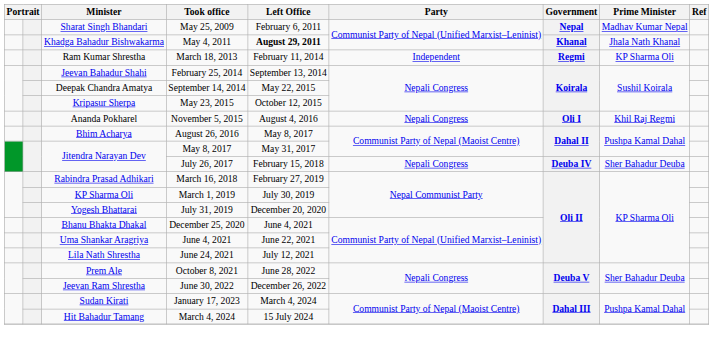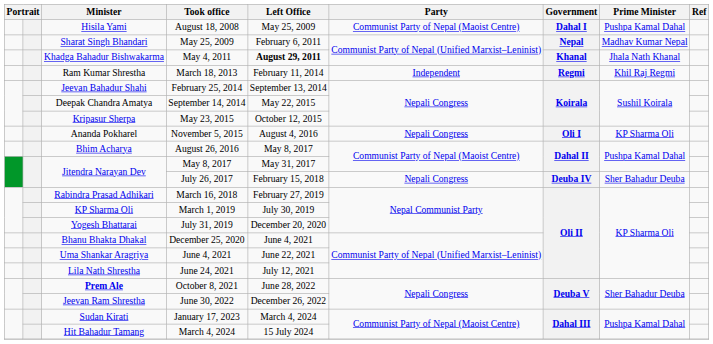 <table class="wikitable"  style="text-align:center">
 <tr>
 <th colspan="2">Portrait</th>
 <th>Minister<br></th>
 <th>Took office</th>
 <th>Left Office</th>
 <th>Party</th>
 <th>Government</th>
 <th>Prime Minister</th>
 <th>Ref</th>
+</tr>
+<tr>
+<td></td>
+<th></th>
+<td><a href='#'>Hisila Yami</a><br></td>
+<td>August 18, 2008</td>
+<td>May 25, 2009</td>
+<td><a href='#'>Communist Party of Nepal (Maoist Centre)</a></td>
+<th><a href='#'>Dahal I</a></th>
+<td><a href='#'>Pushpa Kamal Dahal</a></td>
+<td></td>
 </tr>
 <tr>
 <td></td>
 <th></th>
 <td><a href='#'>Sharat Singh Bhandari</a><br></td>
 <td>May 25, 2009</td>
 <td>February 6, 2011</td>
 <td rowspan="2"><a href='#'>Communist Party of Nepal (Unified Marxist–Leninist)</a></td>
 <th><a href='#'>Nepal</a></th>
 <td><a href='#'>Madhav Kumar Nepal</a></td>
 <td></td>
 </tr>
 <tr>
 <td></td>
 <th></th>
 <td><a href='#'>Khadga Bahadur Bishwakarma</a><br></td>
 <td>May 4, 2011</td>
 <td><strong>August 29, 2011</strong></td>
 <th><a href='#'>Khanal</a></th>
 <td><a href='#'>Jhala Nath Khanal</a></td>
 <td></td>
 </tr>
 <tr>
 <td></td>
 <th></th>
 <td>Ram Kumar Shrestha</td>
 <td>March 18, 2013</td>
 <td>February 11, 2014</td>
 <td><a href='#'>Independent</a></td>
 <th><a href='#'>Regmi</a></th>
-<td><a href='#'>KP Sharma Oli</a></td>
+<td><a href='#'>Khil Raj Regmi</a></td>
 <td></td>
 </tr>
 <tr>
 <td rowspan="3"></td>
 <th></th>
 <td><a href='#'>Jeevan Bahadur Shahi</a><br></td>
 <td>February 25, 2014</td>
 <td>September 13, 2014</td>
 <td rowspan="3"><a href='#'>Nepali Congress</a></td>
 <th rowspan="3"><a href='#'>Koirala</a></th>
 <td rowspan="3"><a href='#'>Sushil Koirala</a></td>
 <td></td>
 </tr>
 <tr>
 <th></th>
 <td>Deepak Chandra Amatya</td>
 <td>September 14, 2014</td>
 <td>May 22, 2015</td>
 <td></td>
 </tr>
 <tr>
 <th></th>
 <td><a href='#'>Kripasur Sherpa</a></td>
 <td>May 23, 2015</td>
 <td>October 12, 2015</td>
 <td></td>
 </tr>
 <tr>
 <td></td>
 <th></th>
 <td>Ananda Pokharel</td>
 <td>November 5, 2015</td>
 <td>August 4, 2016</td>
 <td><a href='#'>Nepali Congress</a></td>
 <th><a href='#'>Oli I</a></th>
-<td><a href='#'>Khil Raj Regmi</a></td>
+<td><a href='#'>KP Sharma Oli</a></td>
 <td></td>
 </tr>
 <tr>
 <td></td>
 <th></th>
 <td><a href='#'>Bhim Acharya</a><br></td>
 <td>August 26, 2016</td>
 <td>May 8, 2017</td>
 <td rowspan="2"><a href='#'>Communist Party of Nepal (Maoist Centre)</a></td>
 <th rowspan="2"><a href='#'>Dahal II</a></th>
 <td rowspan="2"><a href='#'>Pushpa Kamal Dahal</a></td>
 <td></td>
 </tr>
 <tr>
 <td rowspan="2" bgcolor="#019729"></td>
 <th rowspan="2"></th>
 <td rowspan="2"><a href='#'>Jitendra Narayan Dev</a></td>
 <td>May 8, 2017</td>
 <td>May 31, 2017</td>
 <td></td>
 </tr>
 <tr>
 <td>July 26, 2017</td>
 <td>February 15, 2018</td>
 <td><a href='#'>Nepali Congress</a></td>
 <th><a href='#'>Deuba IV</a></th>
 <td><a href='#'>Sher Bahadur Deuba</a></td>
 <td></td>
 </tr>
 <tr>
 <td rowspan="3"></td>
 <th></th>
 <td><a href='#'>Rabindra Prasad Adhikari</a><br></td>
 <td>March 16, 2018</td>
 <td>February 27, 2019</td>
 <td rowspan="3"><a href='#'>Nepal Communist Party</a></td>
 <th rowspan="6"><a href='#'>Oli II</a></th>
 <td rowspan="6"><a href='#'>KP Sharma Oli</a></td>
 <td></td>
 </tr>
 <tr>
 <th></th>
 <td><a href='#'>KP Sharma Oli</a><br></td>
 <td>March 1, 2019</td>
 <td>July 30, 2019</td>
 <td></td>
 </tr>
 <tr>
 <th></th>
 <td><a href='#'>Yogesh Bhattarai</a><br></td>
 <td>July 31, 2019</td>
 <td>December 20, 2020</td>
 <td></td>
 </tr>
 <tr>
 <td></td>
 <th></th>
 <td><a href='#'>Bhanu Bhakta Dhakal</a><br></td>
 <td>December 25, 2020</td>
 <td>June 4, 2021</td>
 <td rowspan="3"><a href='#'>Communist Party of Nepal (Unified Marxist–Leninist)</a></td>
 <td></td>
 </tr>
 <tr>
 <td></td>
 <th></th>
 <td><a href='#'>Uma Shankar Aragriya</a><br></td>
 <td>June 4, 2021</td>
 <td>June 22, 2021</td>
 <td></td>
 </tr>
 <tr>
 <td></td>
 <th></th>
 <td><a href='#'>Lila Nath Shrestha</a><br></td>
 <td>June 24, 2021</td>
 <td>July 12, 2021</td>
 <td></td>
 </tr>
 <tr>
 <td rowspan="2"></td>
 <th></th>
-<td><a href='#'>Prem Ale</a><br></td>
+<td><strong><a href='#'>Prem Ale</a><br></strong></td>
 <td>October 8, 2021</td>
 <td>June 28, 2022</td>
 <td rowspan="2"><a href='#'>Nepali Congress</a></td>
 <th rowspan="2"><a href='#'>Deuba V</a></th>
 <td rowspan="2"><a href='#'>Sher Bahadur Deuba</a></td>
 <td></td>
 </tr>
 <tr>
 <th></th>
 <td><a href='#'>Jeevan Ram Shrestha</a><br></td>
 <td>June 30, 2022</td>
 <td>December 26, 2022</td>
 <td></td>
 </tr>
 <tr>
 <td rowspan="2"></td>
 <th></th>
 <td><a href='#'>Sudan Kirati</a><br></td>
 <td>January 17, 2023</td>
 <td>March 4, 2024</td>
 <td rowspan ="2"><a href='#'>Communist Party of Nepal (Maoist Centre)</a></td>
 <th rowspan ="2"><a href='#'>Dahal III</a></th>
 <td rowspan ="2"><a href='#'>Pushpa Kamal Dahal</a></td>
 <td></td>
 </tr>
 <tr>
 <th></th>
 <td><a href='#'>Hit Bahadur Tamang</a> </td>
 <td>March 4, 2024</td>
 <td>15 July 2024</td>
 <td></td>
 </tr>
 <tr>
 </tr>
 </table>
